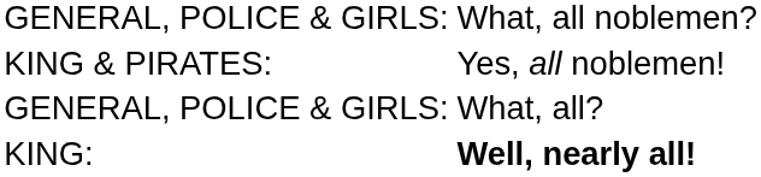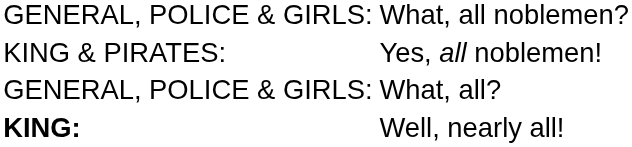 <table>
 <tr>
 <td>GENERAL, POLICE & GIRLS:</td>
 <td>What, all noblemen?</td>
 </tr>
 <tr>
 <td>KING & PIRATES:</td>
 <td>Yes, <em>all</em> noblemen!</td>
 </tr>
 <tr>
 <td>GENERAL, POLICE & GIRLS:</td>
 <td>What, all?</td>
 </tr>
 <tr>
-<td>KING:</td>
-<td><strong>Well, nearly all!</strong></td>
+<td><strong>KING:</strong></td>
+<td>Well, nearly all!</td>
 </tr>
 </table>
